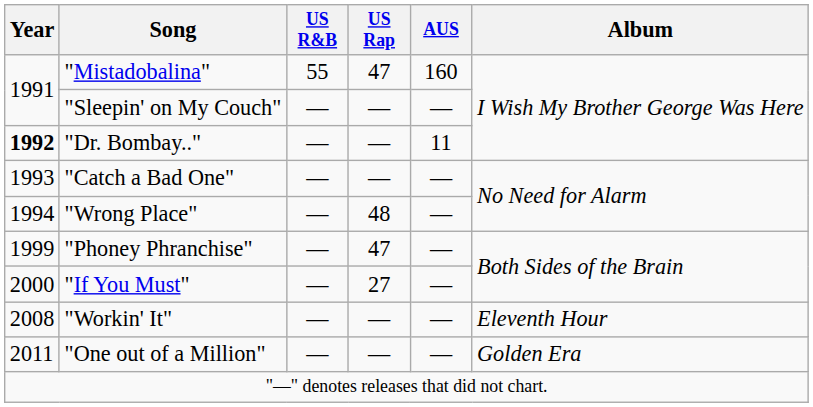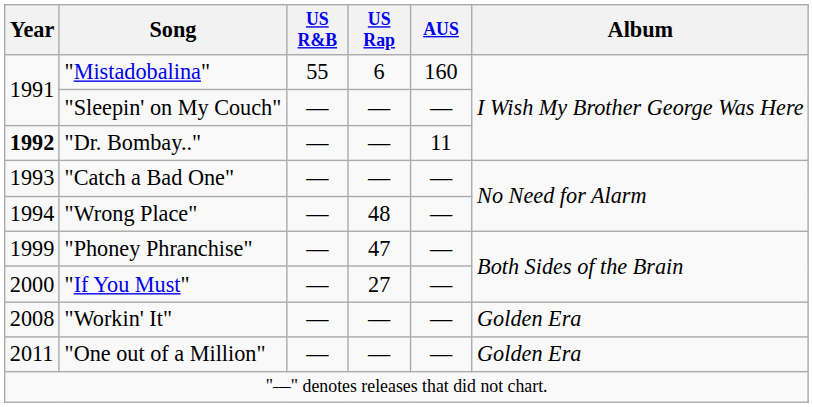 <table class="wikitable">
 <tr>
 <th>Year</th>
 <th>Song</th>
 <th style="width:3em;font-size:80%;"><a href='#'>US R&B</a></th>
 <th style="width:3em;font-size:80%;"><a href='#'>US Rap</a></th>
 <th style="width:3em;font-size:80%;"><a href='#'>AUS</a></th>
 <th align="left">Album</th>
 </tr>
 <tr>
 <td rowspan="2">1991</td>
 <td align="left">"<a href='#'>Mistadobalina</a>"</td>
 <td align="center">55</td>
-<td align="center">47</td>
+<td align="center">6</td>
 <td align="center">160</td>
 <td rowspan="3"><em>I Wish My Brother George Was Here</em></td>
 </tr>
 <tr>
 <td align="left">"Sleepin' on My Couch"</td>
 <td align="center">—</td>
 <td align="center">—</td>
 <td align="center">—</td>
 </tr>
 <tr>
 <td rowspan="1"><strong>1992</strong></td>
 <td align="left">"Dr. Bombay.."</td>
 <td align="center">—</td>
 <td align="center">—</td>
 <td align="center">11</td>
 </tr>
 <tr>
 <td rowspan="1">1993</td>
 <td align="left">"Catch a Bad One"</td>
 <td align="center">—</td>
 <td align="center">—</td>
 <td align="center">—</td>
 <td rowspan="2"><em>No Need for Alarm</em></td>
 </tr>
 <tr>
 <td rowspan="1">1994</td>
 <td align="left">"Wrong Place"</td>
 <td align="center">—</td>
 <td align="center" valign="top">48</td>
 <td align="center">—</td>
 </tr>
 <tr>
 <td rowspan="1">1999</td>
 <td align="left">"Phoney Phranchise"</td>
 <td align="center">—</td>
 <td align="center">47</td>
 <td align="center">—</td>
 <td rowspan="2"><em>Both Sides of the Brain</em></td>
 </tr>
 <tr>
 <td rowspan="1">2000</td>
 <td align="left">"<a href='#'>If You Must</a>"</td>
 <td align="center">—</td>
 <td align="center">27</td>
 <td align="center">—</td>
 </tr>
 <tr>
 <td rowspan="1">2008</td>
 <td align="left">"Workin' It"</td>
 <td align="center">—</td>
 <td align="center">—</td>
 <td align="center">—</td>
-<td rowspan="1"><em>Eleventh Hour</em></td>
+<td rowspan="1"><em>Golden Era</em></td>
 </tr>
 <tr>
 <td rowspan="1">2011</td>
 <td align="left">"One out of a Million"</td>
 <td align="center">—</td>
 <td align="center">—</td>
 <td align="center">—</td>
 <td rowspan="1"><em>Golden Era</em></td>
 </tr>
 <tr>
 <td align="center" colspan="11" style="font-size:80%">"—" denotes releases that did not chart.</td>
 </tr>
 </table>
